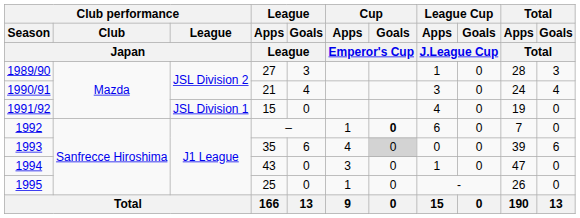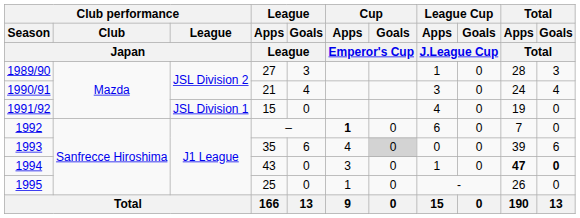 <table class="wikitable" style="text-align:center;">
 <tr>
 <th colspan=3>Club performance</th>
 <th colspan=2>League</th>
 <th colspan=2>Cup</th>
 <th colspan=2>League Cup</th>
 <th colspan=2>Total</th>
 </tr>
 <tr>
 <th>Season</th>
 <th>Club</th>
 <th>League</th>
 <th>Apps</th>
 <th>Goals</th>
 <th>Apps</th>
 <th>Goals</th>
 <th>Apps</th>
 <th>Goals</th>
 <th>Apps</th>
 <th>Goals</th>
 </tr>
 <tr>
 <th colspan=3>Japan</th>
 <th colspan=2>League</th>
 <th colspan=2><a href='#'>Emperor's Cup</a></th>
 <th colspan=2><a href='#'>J.League Cup</a></th>
 <th colspan=2>Total</th>
 </tr>
 <tr>
 <td><a href='#'>1989/90</a></td>
 <td rowspan="3"><a href='#'>Mazda</a></td>
 <td rowspan="2"><a href='#'>JSL Division 2</a></td>
 <td>27</td>
 <td>3</td>
 <td></td>
 <td></td>
 <td>1</td>
 <td>0</td>
 <td>28</td>
 <td>3</td>
 </tr>
 <tr>
 <td><a href='#'>1990/91</a></td>
 <td>21</td>
 <td>4</td>
 <td></td>
 <td></td>
 <td>3</td>
 <td>0</td>
 <td>24</td>
 <td>4</td>
 </tr>
 <tr>
 <td><a href='#'>1991/92</a></td>
 <td><a href='#'>JSL Division 1</a></td>
 <td>15</td>
 <td>0</td>
 <td></td>
 <td></td>
 <td>4</td>
 <td>0</td>
 <td>19</td>
 <td>0</td>
 </tr>
 <tr>
 <td><a href='#'>1992</a></td>
 <td rowspan="4"><a href='#'>Sanfrecce Hiroshima</a></td>
 <td rowspan="4"><a href='#'>J1 League</a></td>
 <td colspan="2">–</td>
-<td>1</td>
-<td><strong>0</strong></td>
+<td><strong>1</strong></td>
+<td>0</td>
 <td>6</td>
 <td>0</td>
 <td>7</td>
 <td>0</td>
 </tr>
 <tr>
 <td><a href='#'>1993</a></td>
 <td>35</td>
 <td>6</td>
 <td>4</td>
 <td style="background: lightgrey;">0</td>
 <td>0</td>
 <td>0</td>
 <td>39</td>
 <td>6</td>
 </tr>
 <tr>
 <td><a href='#'>1994</a></td>
 <td>43</td>
 <td>0</td>
 <td>3</td>
 <td>0</td>
 <td>1</td>
 <td>0</td>
-<td>47</td>
-<td>0</td>
+<td><strong>47</strong></td>
+<td><strong>0</strong></td>
 </tr>
 <tr>
 <td><a href='#'>1995</a></td>
 <td>25</td>
 <td>0</td>
 <td>1</td>
 <td>0</td>
 <td colspan="2">-</td>
 <td>26</td>
 <td>0</td>
 </tr>
 <tr>
 <th colspan=3>Total</th>
 <th>166</th>
 <th>13</th>
 <th>9</th>
 <th>0</th>
 <th>15</th>
 <th>0</th>
 <th>190</th>
 <th>13</th>
 </tr>
 </table>
